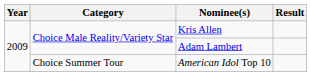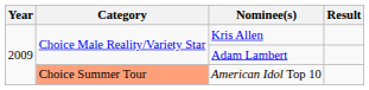 <table class="wikitable">
 <tr>
 <th>Year</th>
 <th>Category</th>
 <th>Nominee(s)</th>
 <th>Result</th>
 </tr>
 <tr>
 <td rowspan="3">2009</td>
 <td rowspan="2"><a href='#'>Choice Male Reality/Variety Star</a></td>
 <td><a href='#'>Kris Allen</a></td>
 <td></td>
 </tr>
 <tr>
 <td><a href='#'>Adam Lambert</a></td>
 <td></td>
 </tr>
 <tr>
-<td>Choice Summer Tour</td>
+<td style="background: lightsalmon;">Choice Summer Tour</td>
 <td><em>American Idol</em> Top 10</td>
 <td></td>
 </tr>
 </table>
